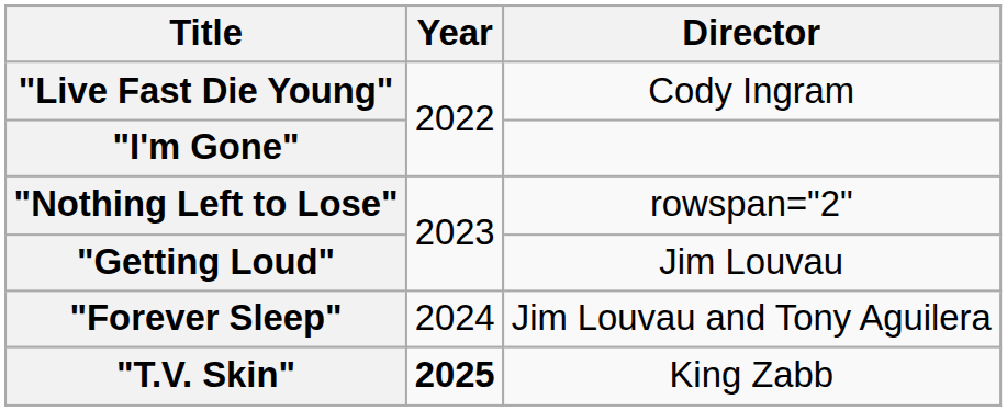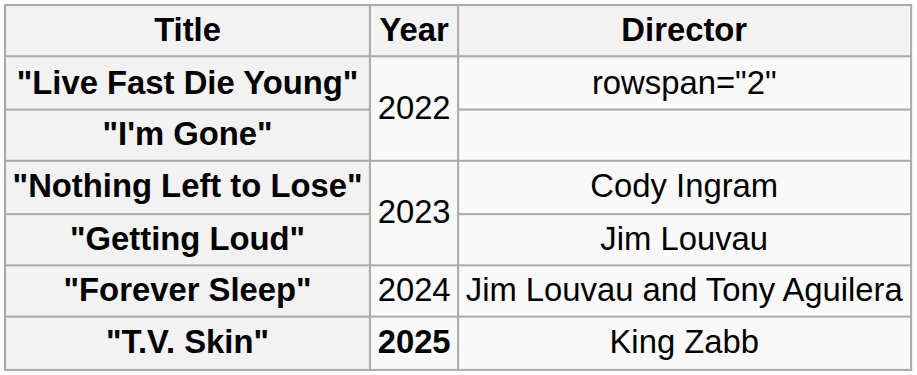 <table class="wikitable plainrowheaders" style="text-align:center;">
 <tr>
 <th>Title</th>
 <th>Year</th>
 <th>Director</th>
 </tr>
 <tr>
 <th scope="row">"Live Fast Die Young"</th>
 <td rowspan="2">2022</td>
-<td>Cody Ingram</td>
+<td>rowspan="2" </td>
 </tr>
 <tr>
 <th scope="row">"I'm Gone"</th>
 </tr>
 <tr>
 <th scope="row">"Nothing Left to Lose"</th>
 <td rowspan="2">2023</td>
-<td>rowspan="2" </td>
+<td>Cody Ingram</td>
 </tr>
 <tr>
 <th scope="row">"Getting Loud"</th>
 <td>Jim Louvau</td>
 </tr>
 <tr>
 <th scope="row">"Forever Sleep"</th>
 <td>2024</td>
 <td>Jim Louvau and Tony Aguilera</td>
 </tr>
 <tr>
 <th scope="row">"T.V. Skin"</th>
 <td><strong>2025</strong></td>
 <td>King Zabb</td>
 </tr>
 </table>
